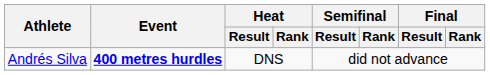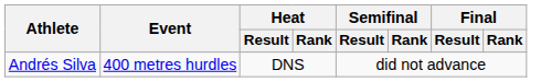 <table class="wikitable" style="font-size:90%">
 <tr>
 <th rowspan="2">Athlete</th>
 <th rowspan="2">Event</th>
 <th colspan="2">Heat</th>
 <th colspan="2">Semifinal</th>
 <th colspan="2">Final</th>
 </tr>
 <tr style="font-size:95%">
 <th>Result</th>
 <th>Rank</th>
 <th>Result</th>
 <th>Rank</th>
 <th>Result</th>
 <th>Rank</th>
 </tr>
 <tr style=text-align:center>
 <td style=text-align:left><a href='#'>Andrés Silva</a></td>
-<td style=text-align:left><strong><a href='#'>400 metres hurdles</a></strong></td>
+<td style=text-align:left><a href='#'>400 metres hurdles</a></td>
 <td colspan="2">DNS</td>
 <td colspan="4">did not advance</td>
 </tr>
 </table>
